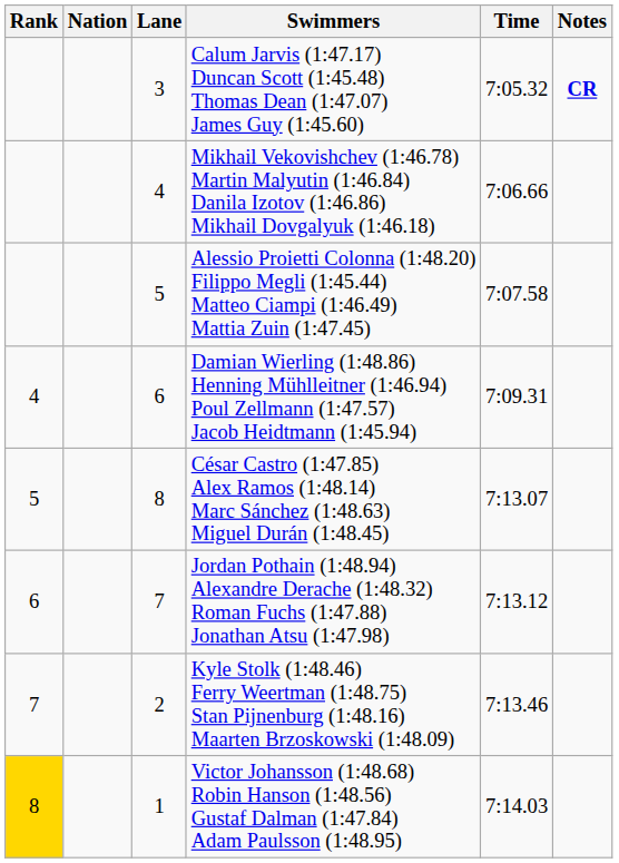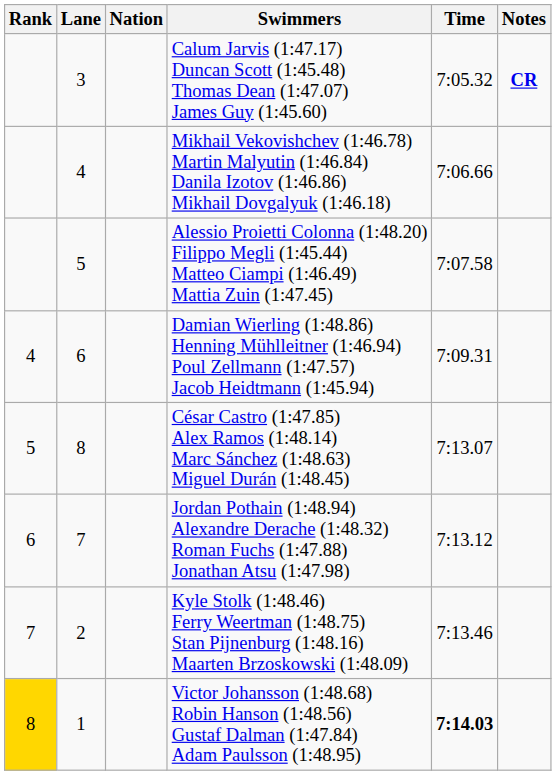 <table class="wikitable sortable" style="text-align:center">
 <tr>
 <th>Rank</th>
+<th>Lane</th>
 <th>Nation</th>
-<th>Lane</th>
 <th>Swimmers</th>
 <th>Time</th>
 <th>Notes</th>
 </tr>
 <tr>
 <td></td>
+<td>3</td>
 <td align=left></td>
-<td>3</td>
 <td align=left><a href='#'>Calum Jarvis</a> (1:47.17)<br><a href='#'>Duncan Scott</a> (1:45.48)<br><a href='#'>Thomas Dean</a> (1:47.07)<br><a href='#'>James Guy</a> (1:45.60)</td>
 <td>7:05.32</td>
 <td><strong><a href='#'>CR</a></strong></td>
 </tr>
 <tr>
 <td></td>
+<td>4</td>
 <td align=left></td>
-<td>4</td>
 <td align=left><a href='#'>Mikhail Vekovishchev</a> (1:46.78)<br><a href='#'>Martin Malyutin</a> (1:46.84)<br><a href='#'>Danila Izotov</a> (1:46.86)<br><a href='#'>Mikhail Dovgalyuk</a> (1:46.18)</td>
 <td>7:06.66</td>
 <td></td>
 </tr>
 <tr>
 <td></td>
+<td>5</td>
 <td align=left></td>
-<td>5</td>
 <td align=left><a href='#'>Alessio Proietti Colonna</a> (1:48.20)<br><a href='#'>Filippo Megli</a> (1:45.44)<br><a href='#'>Matteo Ciampi</a> (1:46.49)<br><a href='#'>Mattia Zuin</a> (1:47.45)</td>
 <td>7:07.58</td>
 <td></td>
 </tr>
 <tr>
 <td>4</td>
+<td>6</td>
 <td align=left></td>
-<td>6</td>
 <td align=left><a href='#'>Damian Wierling</a> (1:48.86)<br><a href='#'>Henning Mühlleitner</a> (1:46.94)<br><a href='#'>Poul Zellmann</a> (1:47.57)<br><a href='#'>Jacob Heidtmann</a> (1:45.94)</td>
 <td>7:09.31</td>
 <td></td>
 </tr>
 <tr>
 <td>5</td>
+<td>8</td>
 <td align=left></td>
-<td>8</td>
 <td align=left><a href='#'>César Castro</a> (1:47.85)<br><a href='#'>Alex Ramos</a> (1:48.14)<br><a href='#'>Marc Sánchez</a> (1:48.63)<br><a href='#'>Miguel Durán</a> (1:48.45)</td>
 <td>7:13.07</td>
 <td></td>
 </tr>
 <tr>
 <td>6</td>
+<td>7</td>
 <td align=left></td>
-<td>7</td>
 <td align=left><a href='#'>Jordan Pothain</a> (1:48.94)<br><a href='#'>Alexandre Derache</a> (1:48.32)<br><a href='#'>Roman Fuchs</a> (1:47.88)<br><a href='#'>Jonathan Atsu</a> (1:47.98)</td>
 <td>7:13.12</td>
 <td></td>
 </tr>
 <tr>
 <td>7</td>
+<td>2</td>
 <td align=left></td>
-<td>2</td>
 <td align=left><a href='#'>Kyle Stolk</a> (1:48.46)<br><a href='#'>Ferry Weertman</a> (1:48.75)<br><a href='#'>Stan Pijnenburg</a> (1:48.16)<br><a href='#'>Maarten Brzoskowski</a> (1:48.09)</td>
 <td>7:13.46</td>
 <td></td>
 </tr>
 <tr>
 <td style="background: gold;">8</td>
+<td>1</td>
 <td align=left></td>
-<td>1</td>
 <td align=left><a href='#'>Victor Johansson</a> (1:48.68)<br><a href='#'>Robin Hanson</a> (1:48.56)<br><a href='#'>Gustaf Dalman</a> (1:47.84)<br><a href='#'>Adam Paulsson</a> (1:48.95)</td>
-<td>7:14.03</td>
+<td><strong>7:14.03</strong></td>
 <td></td>
 </tr>
 </table>
